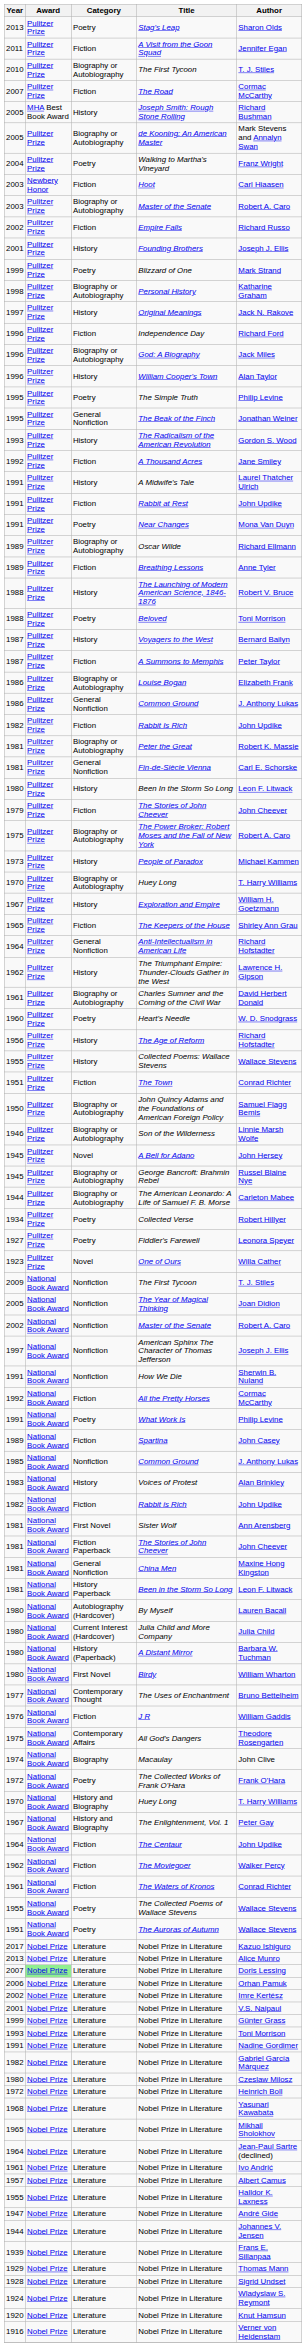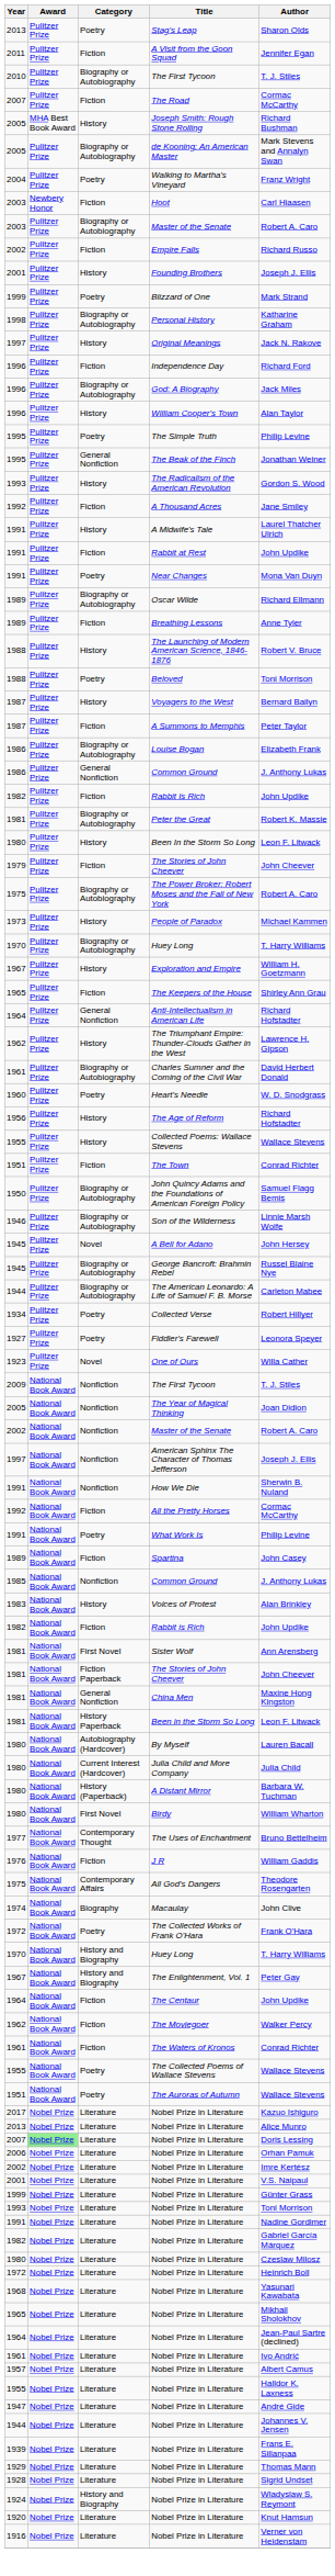 <table class="wikitable sortable">
 <tr>
 <th>Year</th>
 <th>Award</th>
 <th>Category</th>
 <th>Title</th>
 <th>Author</th>
 </tr>
 <tr>
 <td>2013</td>
 <td><a href='#'>Pulitzer Prize</a></td>
 <td>Poetry</td>
 <td><em><a href='#'>Stag's Leap</a></em></td>
 <td><a href='#'>Sharon Olds</a></td>
 </tr>
 <tr>
 <td>2011</td>
 <td><a href='#'>Pulitzer Prize</a></td>
 <td>Fiction</td>
 <td><em><a href='#'>A Visit from the Goon Squad</a></em></td>
 <td><a href='#'>Jennifer Egan</a></td>
 </tr>
 <tr>
 <td>2010</td>
 <td><a href='#'>Pulitzer Prize</a></td>
 <td>Biography or Autobiography</td>
 <td><em>The First Tycoon</em></td>
 <td><a href='#'>T. J. Stiles</a></td>
 </tr>
 <tr>
 <td>2007</td>
 <td><a href='#'>Pulitzer Prize</a></td>
 <td>Fiction</td>
 <td><em><a href='#'>The Road</a></em></td>
 <td><a href='#'>Cormac McCarthy</a></td>
 </tr>
 <tr>
 <td>2005</td>
 <td><a href='#'>MHA</a> Best Book Award</td>
 <td>History</td>
 <td><em><a href='#'>Joseph Smith: Rough Stone Rolling</a></em></td>
 <td><a href='#'>Richard Bushman</a></td>
 </tr>
 <tr>
 <td>2005</td>
 <td><a href='#'>Pulitzer Prize</a></td>
 <td>Biography or Autobiography</td>
 <td><em><a href='#'>de Kooning: An American Master</a></em></td>
 <td>Mark Stevens and <a href='#'>Annalyn Swan</a></td>
 </tr>
 <tr>
 <td>2004</td>
 <td><a href='#'>Pulitzer Prize</a></td>
 <td>Poetry</td>
 <td><em>Walking to Martha's Vineyard</em></td>
 <td><a href='#'>Franz Wright</a></td>
 </tr>
 <tr>
 <td>2003</td>
 <td><a href='#'>Newbery Honor</a></td>
 <td>Fiction</td>
 <td><em><a href='#'>Hoot</a></em></td>
 <td><a href='#'>Carl Hiaasen</a></td>
 </tr>
 <tr>
 <td>2003</td>
 <td><a href='#'>Pulitzer Prize</a></td>
 <td>Biography or Autobiography</td>
 <td><em><a href='#'>Master of the Senate</a></em></td>
 <td><a href='#'>Robert A. Caro</a></td>
 </tr>
 <tr>
 <td>2002</td>
 <td><a href='#'>Pulitzer Prize</a></td>
 <td>Fiction</td>
 <td><em><a href='#'>Empire Falls</a></em></td>
 <td><a href='#'>Richard Russo</a></td>
 </tr>
 <tr>
 <td>2001</td>
 <td><a href='#'>Pulitzer Prize</a></td>
 <td>History</td>
 <td><em><a href='#'>Founding Brothers</a></em></td>
 <td><a href='#'>Joseph J. Ellis</a></td>
 </tr>
 <tr>
 <td>1999</td>
 <td><a href='#'>Pulitzer Prize</a></td>
 <td>Poetry</td>
 <td><em>Blizzard of One</em></td>
 <td><a href='#'>Mark Strand</a></td>
 </tr>
 <tr>
 <td>1998</td>
 <td><a href='#'>Pulitzer Prize</a></td>
 <td>Biography or Autobiography</td>
 <td><em><a href='#'>Personal History</a></em></td>
 <td><a href='#'>Katharine Graham</a></td>
 </tr>
 <tr>
 <td>1997</td>
 <td><a href='#'>Pulitzer Prize</a></td>
 <td>History</td>
 <td><em><a href='#'>Original Meanings</a></em></td>
 <td><a href='#'>Jack N. Rakove</a></td>
 </tr>
 <tr>
 <td>1996</td>
 <td><a href='#'>Pulitzer Prize</a></td>
 <td>Fiction</td>
 <td><em>Independence Day</em></td>
 <td><a href='#'>Richard Ford</a></td>
 </tr>
 <tr>
 <td>1996</td>
 <td><a href='#'>Pulitzer Prize</a></td>
 <td>Biography or Autobiography</td>
 <td><em><a href='#'>God: A Biography</a></em></td>
 <td><a href='#'>Jack Miles</a></td>
 </tr>
 <tr>
 <td>1996</td>
 <td><a href='#'>Pulitzer Prize</a></td>
 <td>History</td>
 <td><em><a href='#'>William Cooper's Town</a></em></td>
 <td><a href='#'>Alan Taylor</a></td>
 </tr>
 <tr>
 <td>1995</td>
 <td><a href='#'>Pulitzer Prize</a></td>
 <td>Poetry</td>
 <td><em>The Simple Truth</em></td>
 <td><a href='#'>Philip Levine</a></td>
 </tr>
 <tr>
 <td>1995</td>
 <td><a href='#'>Pulitzer Prize</a></td>
 <td>General Nonfiction</td>
 <td><em><a href='#'>The Beak of the Finch</a></em></td>
 <td><a href='#'>Jonathan Weiner</a></td>
 </tr>
 <tr>
 <td>1993</td>
 <td><a href='#'>Pulitzer Prize</a></td>
 <td>History</td>
 <td><em><a href='#'>The Radicalism of the American Revolution</a></em></td>
 <td><a href='#'>Gordon S. Wood</a></td>
 </tr>
 <tr>
 <td>1992</td>
 <td><a href='#'>Pulitzer Prize</a></td>
 <td>Fiction</td>
 <td><em><a href='#'>A Thousand Acres</a></em></td>
 <td><a href='#'>Jane Smiley</a></td>
 </tr>
 <tr>
 <td>1991</td>
 <td><a href='#'>Pulitzer Prize</a></td>
 <td>History</td>
 <td><em>A Midwife's Tale</em></td>
 <td><a href='#'>Laurel Thatcher Ulrich</a></td>
 </tr>
 <tr>
 <td>1991</td>
 <td><a href='#'>Pulitzer Prize</a></td>
 <td>Fiction</td>
 <td><em><a href='#'>Rabbit at Rest</a></em></td>
 <td><a href='#'>John Updike</a></td>
 </tr>
 <tr>
 <td>1991</td>
 <td><a href='#'>Pulitzer Prize</a></td>
 <td>Poetry</td>
 <td><em><a href='#'>Near Changes</a> </em></td>
 <td><a href='#'>Mona Van Duyn</a></td>
 </tr>
 <tr>
 <td>1989</td>
 <td><a href='#'>Pulitzer Prize</a></td>
 <td>Biography or Autobiography</td>
 <td><em>Oscar Wilde</em></td>
 <td><a href='#'>Richard Ellmann</a></td>
 </tr>
 <tr>
 <td>1989</td>
 <td><a href='#'>Pulitzer Prize</a></td>
 <td>Fiction</td>
 <td><em><a href='#'>Breathing Lessons</a> </em></td>
 <td><a href='#'>Anne Tyler</a></td>
 </tr>
 <tr>
 <td>1988</td>
 <td><a href='#'>Pulitzer Prize</a></td>
 <td>History</td>
 <td><em><a href='#'>The Launching of Modern American Science, 1846-1876</a></em></td>
 <td><a href='#'>Robert V. Bruce</a></td>
 </tr>
 <tr>
 <td>1988</td>
 <td><a href='#'>Pulitzer Prize</a></td>
 <td>Poetry</td>
 <td><em><a href='#'>Beloved</a></em></td>
 <td><a href='#'>Toni Morrison</a></td>
 </tr>
 <tr>
 <td>1987</td>
 <td><a href='#'>Pulitzer Prize</a></td>
 <td>History</td>
 <td><em><a href='#'>Voyagers to the West</a></em></td>
 <td><a href='#'>Bernard Bailyn</a></td>
 </tr>
 <tr>
 <td>1987</td>
 <td><a href='#'>Pulitzer Prize</a></td>
 <td>Fiction</td>
 <td><em><a href='#'>A Summons to Memphis</a></em></td>
 <td><a href='#'>Peter Taylor</a></td>
 </tr>
 <tr>
 <td>1986</td>
 <td><a href='#'>Pulitzer Prize</a></td>
 <td>Biography or Autobiography</td>
 <td><em><a href='#'>Louise Bogan</a></em></td>
 <td><a href='#'>Elizabeth Frank</a></td>
 </tr>
 <tr>
 <td>1986</td>
 <td><a href='#'>Pulitzer Prize</a></td>
 <td>General Nonfiction</td>
 <td><em><a href='#'>Common Ground</a></em></td>
 <td><a href='#'>J. Anthony Lukas</a></td>
 </tr>
 <tr>
 <td>1982</td>
 <td><a href='#'>Pulitzer Prize</a></td>
 <td>Fiction</td>
 <td><em><a href='#'>Rabbit Is Rich</a></em></td>
 <td><a href='#'>John Updike</a></td>
 </tr>
 <tr>
 <td>1981</td>
 <td><a href='#'>Pulitzer Prize</a></td>
 <td>Biography or Autobiography</td>
 <td><em><a href='#'>Peter the Great</a></em></td>
 <td><a href='#'>Robert K. Massie</a></td>
-</tr>
-<tr>
-<td>1981</td>
-<td><a href='#'>Pulitzer Prize</a></td>
-<td>General Nonfiction</td>
-<td><em><a href='#'>Fin-de-Siècle Vienna</a></em></td>
-<td><a href='#'>Carl E. Schorske</a></td>
 </tr>
 <tr>
 <td>1980</td>
 <td><a href='#'>Pulitzer Prize</a></td>
 <td>History</td>
 <td><em>Been In the Storm So Long</em></td>
 <td><a href='#'>Leon F. Litwack</a></td>
 </tr>
 <tr>
 <td>1979</td>
 <td><a href='#'>Pulitzer Prize</a></td>
 <td>Fiction</td>
 <td><em><a href='#'>The Stories of John Cheever</a></em></td>
 <td><a href='#'>John Cheever</a></td>
 </tr>
 <tr>
 <td>1975</td>
 <td><a href='#'>Pulitzer Prize</a></td>
 <td>Biography or Autobiography</td>
 <td><em><a href='#'>The Power Broker: Robert Moses and the Fall of New York</a></em></td>
 <td><a href='#'>Robert A. Caro</a></td>
 </tr>
 <tr>
 <td>1973</td>
 <td><a href='#'>Pulitzer Prize</a></td>
 <td>History</td>
 <td><em><a href='#'>People of Paradox</a></em></td>
 <td><a href='#'>Michael Kammen</a></td>
 </tr>
 <tr>
 <td>1970</td>
 <td><a href='#'>Pulitzer Prize</a></td>
 <td>Biography or Autobiography</td>
 <td><em>Huey Long</em></td>
 <td><a href='#'>T. Harry Williams</a></td>
 </tr>
 <tr>
 <td>1967</td>
 <td><a href='#'>Pulitzer Prize</a></td>
 <td>History</td>
 <td><em><a href='#'>Exploration and Empire</a></em></td>
 <td><a href='#'>William H. Goetzmann</a></td>
 </tr>
 <tr>
 <td>1965</td>
 <td><a href='#'>Pulitzer Prize</a></td>
 <td>Fiction</td>
 <td><em><a href='#'>The Keepers of the House</a></em></td>
 <td><a href='#'>Shirley Ann Grau</a></td>
 </tr>
 <tr>
 <td>1964</td>
 <td><a href='#'>Pulitzer Prize</a></td>
 <td>General Nonfiction</td>
 <td><em><a href='#'>Anti-Intellectualism in American Life</a></em></td>
 <td><a href='#'>Richard Hofstadter</a></td>
 </tr>
 <tr>
 <td>1962</td>
 <td><a href='#'>Pulitzer Prize</a></td>
 <td>History</td>
 <td><em>The Triumphant Empire: Thunder-Clouds Gather in the West </em></td>
 <td><a href='#'>Lawrence H. Gipson</a></td>
 </tr>
 <tr>
 <td>1961</td>
 <td><a href='#'>Pulitzer Prize</a></td>
 <td>Biography or Autobiography</td>
 <td><em>Charles Sumner and the Coming of the Civil War </em></td>
 <td><a href='#'>David Herbert Donald</a></td>
 </tr>
 <tr>
 <td>1960</td>
 <td><a href='#'>Pulitzer Prize</a></td>
 <td>Poetry</td>
 <td><em>Heart's Needle</em></td>
 <td><a href='#'>W. D. Snodgrass</a></td>
 </tr>
 <tr>
 <td>1956</td>
 <td><a href='#'>Pulitzer Prize</a></td>
 <td>History</td>
 <td><em><a href='#'>The Age of Reform</a></em></td>
 <td><a href='#'>Richard Hofstadter</a></td>
 </tr>
 <tr>
 <td>1955</td>
 <td><a href='#'>Pulitzer Prize</a></td>
 <td>History</td>
 <td><em>Collected Poems: Wallace Stevens</em></td>
 <td><a href='#'>Wallace Stevens</a></td>
 </tr>
 <tr>
 <td>1951</td>
 <td><a href='#'>Pulitzer Prize</a></td>
 <td>Fiction</td>
 <td><em><a href='#'>The Town</a></em></td>
 <td><a href='#'>Conrad Richter</a></td>
 </tr>
 <tr>
 <td>1950</td>
 <td><a href='#'>Pulitzer Prize</a></td>
 <td>Biography or Autobiography</td>
 <td><em>John Quincy Adams and the Foundations of American Foreign Policy</em></td>
 <td><a href='#'>Samuel Flagg Bemis</a></td>
 </tr>
 <tr>
 <td>1946</td>
 <td><a href='#'>Pulitzer Prize</a></td>
 <td>Biography or Autobiography</td>
 <td><em>Son of the Wilderness</em></td>
 <td><a href='#'>Linnie Marsh Wolfe</a></td>
 </tr>
 <tr>
 <td>1945</td>
 <td><a href='#'>Pulitzer Prize</a></td>
 <td>Novel</td>
 <td><em><a href='#'>A Bell for Adano</a></em></td>
 <td><a href='#'>John Hersey</a></td>
 </tr>
 <tr>
 <td>1945</td>
 <td><a href='#'>Pulitzer Prize</a></td>
 <td>Biography or Autobiography</td>
 <td><em>George Bancroft: Brahmin Rebel</em></td>
 <td><a href='#'>Russel Blaine Nye</a></td>
 </tr>
 <tr>
 <td>1944</td>
 <td><a href='#'>Pulitzer Prize</a></td>
 <td>Biography or Autobiography</td>
 <td><em>The American Leonardo: A Life of Samuel F. B. Morse</em></td>
 <td><a href='#'>Carleton Mabee</a></td>
 </tr>
 <tr>
 <td>1934</td>
 <td><a href='#'>Pulitzer Prize</a></td>
 <td>Poetry</td>
 <td><em>Collected Verse</em></td>
 <td><a href='#'>Robert Hillyer</a></td>
 </tr>
 <tr>
 <td>1927</td>
 <td><a href='#'>Pulitzer Prize</a></td>
 <td>Poetry</td>
 <td><em>Fiddler's Farewell</em></td>
 <td><a href='#'>Leonora Speyer</a></td>
 </tr>
 <tr>
 <td>1923</td>
 <td><a href='#'>Pulitzer Prize</a></td>
 <td>Novel</td>
 <td><em><a href='#'>One of Ours</a></em></td>
 <td><a href='#'>Willa Cather</a></td>
 </tr>
 <tr>
 <td>2009</td>
 <td><a href='#'>National Book Award</a></td>
 <td>Nonfiction</td>
 <td><em>The First Tycoon</em></td>
 <td><a href='#'>T. J. Stiles</a></td>
 </tr>
 <tr>
 <td>2005</td>
 <td><a href='#'>National Book Award</a></td>
 <td>Nonfiction</td>
 <td><em><a href='#'>The Year of Magical Thinking</a></em></td>
 <td><a href='#'>Joan Didion</a></td>
 </tr>
 <tr>
 <td>2002</td>
 <td><a href='#'>National Book Award</a></td>
 <td>Nonfiction</td>
 <td><em><a href='#'>Master of the Senate</a></em></td>
 <td><a href='#'>Robert A. Caro</a></td>
 </tr>
 <tr>
 <td>1997</td>
 <td><a href='#'>National Book Award</a></td>
 <td>Nonfiction</td>
 <td><em>American Sphinx The Character of Thomas Jefferson</em></td>
 <td><a href='#'>Joseph J. Ellis</a></td>
 </tr>
 <tr>
 <td>1991</td>
 <td><a href='#'>National Book Award</a></td>
 <td>Nonfiction</td>
 <td><em>How We Die</em></td>
 <td><a href='#'>Sherwin B. Nuland</a></td>
 </tr>
 <tr>
 <td>1992</td>
 <td><a href='#'>National Book Award</a></td>
 <td>Fiction</td>
 <td><em><a href='#'>All the Pretty Horses</a></em></td>
 <td><a href='#'>Cormac McCarthy</a></td>
 </tr>
 <tr>
 <td>1991</td>
 <td><a href='#'>National Book Award</a></td>
 <td>Poetry</td>
 <td><em><a href='#'>What Work Is</a></em></td>
 <td><a href='#'>Philip Levine</a></td>
 </tr>
 <tr>
 <td>1989</td>
 <td><a href='#'>National Book Award</a></td>
 <td>Fiction</td>
 <td><em><a href='#'>Spartina</a></em></td>
 <td><a href='#'>John Casey</a></td>
 </tr>
 <tr>
 <td>1985</td>
 <td><a href='#'>National Book Award</a></td>
 <td>Nonfiction</td>
 <td><em><a href='#'>Common Ground</a></em></td>
 <td><a href='#'>J. Anthony Lukas</a></td>
 </tr>
 <tr>
 <td>1983</td>
 <td><a href='#'>National Book Award</a></td>
 <td>History</td>
 <td><em>Voices of Protest</em></td>
 <td><a href='#'>Alan Brinkley</a></td>
 </tr>
 <tr>
 <td>1982</td>
 <td><a href='#'>National Book Award</a></td>
 <td>Fiction</td>
 <td><em><a href='#'>Rabbit is Rich</a></em></td>
 <td><a href='#'>John Updike</a></td>
 </tr>
 <tr>
 <td>1981</td>
 <td><a href='#'>National Book Award</a></td>
 <td>First Novel</td>
 <td><em>Sister Wolf</em></td>
 <td><a href='#'>Ann Arensberg</a></td>
 </tr>
 <tr>
 <td>1981</td>
 <td><a href='#'>National Book Award</a></td>
 <td>Fiction Paperback</td>
 <td><em><a href='#'>The Stories of John Cheever</a></em></td>
 <td><a href='#'>John Cheever</a></td>
 </tr>
 <tr>
 <td>1981</td>
 <td><a href='#'>National Book Award</a></td>
 <td>General Nonfiction</td>
 <td><em><a href='#'>China Men</a></em></td>
 <td><a href='#'>Maxine Hong Kingston</a></td>
 </tr>
 <tr>
 <td>1981</td>
 <td><a href='#'>National Book Award</a></td>
 <td>History Paperback</td>
 <td><em><a href='#'>Been in the Storm So Long</a></em></td>
 <td><a href='#'>Leon F. Litwack</a></td>
 </tr>
 <tr>
 <td>1980</td>
 <td><a href='#'>National Book Award</a></td>
 <td>Autobiography (Hardcover)</td>
 <td><em>By Myself</em></td>
 <td><a href='#'>Lauren Bacall</a></td>
 </tr>
 <tr>
 <td>1980</td>
 <td><a href='#'>National Book Award</a></td>
 <td>Current Interest (Hardcover)</td>
 <td><em>Julia Child and More Company</em></td>
 <td><a href='#'>Julia Child</a></td>
 </tr>
 <tr>
 <td>1980</td>
 <td><a href='#'>National Book Award</a></td>
 <td>History (Paperback)</td>
 <td><em><a href='#'>A Distant Mirror</a></em></td>
 <td><a href='#'>Barbara W. Tuchman</a></td>
 </tr>
 <tr>
 <td>1980</td>
 <td><a href='#'>National Book Award</a></td>
 <td>First Novel</td>
 <td><em><a href='#'>Birdy</a></em></td>
 <td><a href='#'>William Wharton</a></td>
 </tr>
 <tr>
 <td>1977</td>
 <td><a href='#'>National Book Award</a></td>
 <td>Contemporary Thought</td>
 <td><em>The Uses of Enchantment</em></td>
 <td><a href='#'>Bruno Bettelheim</a></td>
 </tr>
 <tr>
 <td>1976</td>
 <td><a href='#'>National Book Award</a></td>
 <td>Fiction</td>
 <td><em><a href='#'>J R</a></em></td>
 <td><a href='#'>William Gaddis</a></td>
 </tr>
 <tr>
 <td>1975</td>
 <td><a href='#'>National Book Award</a></td>
 <td>Contemporary Affairs</td>
 <td><em>All God's Dangers</em></td>
 <td><a href='#'>Theodore Rosengarten</a></td>
 </tr>
 <tr>
 <td>1974</td>
 <td><a href='#'>National Book Award</a></td>
 <td>Biography</td>
 <td><em>Macaulay</em></td>
 <td>John Clive</td>
 </tr>
 <tr>
 <td>1972</td>
 <td><a href='#'>National Book Award</a></td>
 <td>Poetry</td>
 <td><em>The Collected Works of Frank O'Hara</em></td>
 <td><a href='#'>Frank O'Hara</a></td>
 </tr>
 <tr>
 <td>1970</td>
 <td><a href='#'>National Book Award</a></td>
 <td>History and Biography</td>
 <td><em>Huey Long</em></td>
 <td><a href='#'>T. Harry Williams</a></td>
 </tr>
 <tr>
 <td>1967</td>
 <td><a href='#'>National Book Award</a></td>
 <td>History and Biography</td>
 <td><em>The Enlightenment, Vol. 1</em></td>
 <td><a href='#'>Peter Gay</a></td>
 </tr>
 <tr>
 <td>1964</td>
 <td><a href='#'>National Book Award</a></td>
 <td>Fiction</td>
 <td><em><a href='#'>The Centaur</a></em></td>
 <td><a href='#'>John Updike</a></td>
 </tr>
 <tr>
 <td>1962</td>
 <td><a href='#'>National Book Award</a></td>
 <td>Fiction</td>
 <td><em><a href='#'>The Moviegoer</a></em></td>
 <td><a href='#'>Walker Percy</a></td>
 </tr>
 <tr>
 <td>1961</td>
 <td><a href='#'>National Book Award</a></td>
 <td>Fiction</td>
 <td><em><a href='#'>The Waters of Kronos</a></em></td>
 <td><a href='#'>Conrad Richter</a></td>
 </tr>
 <tr>
 <td>1955</td>
 <td><a href='#'>National Book Award</a></td>
 <td>Poetry</td>
 <td><em>The Collected Poems of Wallace Stevens</em></td>
 <td><a href='#'>Wallace Stevens</a></td>
 </tr>
 <tr>
 <td>1951</td>
 <td><a href='#'>National Book Award</a></td>
 <td>Poetry</td>
 <td><em><a href='#'>The Auroras of Autumn</a></em></td>
 <td><a href='#'>Wallace Stevens</a></td>
 </tr>
 <tr>
 <td>2017</td>
 <td><a href='#'>Nobel Prize</a></td>
 <td>Literature</td>
 <td>Nobel Prize in Literature</td>
 <td><a href='#'>Kazuo Ishiguro</a></td>
 </tr>
 <tr>
 <td>2013</td>
 <td><a href='#'>Nobel Prize</a></td>
 <td>Literature</td>
 <td>Nobel Prize in Literature</td>
 <td><a href='#'>Alice Munro</a></td>
 </tr>
 <tr>
 <td>2007</td>
 <td style="background: lightgreen;"><a href='#'>Nobel Prize</a></td>
 <td>Literature</td>
 <td>Nobel Prize in Literature</td>
 <td><a href='#'>Doris Lessing</a></td>
 </tr>
 <tr>
 <td>2006</td>
 <td><a href='#'>Nobel Prize</a></td>
 <td>Literature</td>
 <td>Nobel Prize in Literature</td>
 <td><a href='#'>Orhan Pamuk</a></td>
 </tr>
 <tr>
 <td>2002</td>
 <td><a href='#'>Nobel Prize</a></td>
 <td>Literature</td>
 <td>Nobel Prize in Literature</td>
 <td><a href='#'>Imre Kertész</a></td>
 </tr>
 <tr>
 <td>2001</td>
 <td><a href='#'>Nobel Prize</a></td>
 <td>Literature</td>
 <td>Nobel Prize in Literature</td>
 <td><a href='#'>V.S. Naipaul</a></td>
 </tr>
 <tr>
 <td>1999</td>
 <td><a href='#'>Nobel Prize</a></td>
 <td>Literature</td>
 <td>Nobel Prize in Literature</td>
 <td><a href='#'>Günter Grass</a></td>
 </tr>
 <tr>
 <td>1993</td>
 <td><a href='#'>Nobel Prize</a></td>
 <td>Literature</td>
 <td>Nobel Prize in Literature</td>
 <td><a href='#'>Toni Morrison</a></td>
 </tr>
 <tr>
 <td>1991</td>
 <td><a href='#'>Nobel Prize</a></td>
 <td>Literature</td>
 <td>Nobel Prize in Literature</td>
 <td><a href='#'>Nadine Gordimer</a></td>
 </tr>
 <tr>
 <td>1982</td>
 <td><a href='#'>Nobel Prize</a></td>
 <td>Literature</td>
 <td>Nobel Prize in Literature</td>
 <td><a href='#'>Gabriel García Márquez</a></td>
 </tr>
 <tr>
 <td>1980</td>
 <td><a href='#'>Nobel Prize</a></td>
 <td>Literature</td>
 <td>Nobel Prize in Literature</td>
 <td><a href='#'>Czeslaw Milosz</a></td>
 </tr>
 <tr>
 <td>1972</td>
 <td><a href='#'>Nobel Prize</a></td>
 <td>Literature</td>
 <td>Nobel Prize in Literature</td>
 <td><a href='#'>Heinrich Boll</a></td>
 </tr>
 <tr>
 <td>1968</td>
 <td><a href='#'>Nobel Prize</a></td>
 <td>Literature</td>
 <td>Nobel Prize in Literature</td>
 <td><a href='#'>Yasunari Kawabata</a></td>
 </tr>
 <tr>
 <td>1965</td>
 <td><a href='#'>Nobel Prize</a></td>
 <td>Literature</td>
 <td>Nobel Prize in Literature</td>
 <td><a href='#'>Mikhail Sholokhov</a></td>
 </tr>
 <tr>
 <td>1964</td>
 <td><a href='#'>Nobel Prize</a></td>
 <td>Literature</td>
 <td>Nobel Prize in Literature</td>
 <td><a href='#'>Jean-Paul Sartre</a> (declined)</td>
 </tr>
 <tr>
 <td>1961</td>
 <td><a href='#'>Nobel Prize</a></td>
 <td>Literature</td>
 <td>Nobel Prize in Literature</td>
 <td><a href='#'>Ivo Andrić</a></td>
 </tr>
 <tr>
 <td>1957</td>
 <td><a href='#'>Nobel Prize</a></td>
 <td>Literature</td>
 <td>Nobel Prize in Literature</td>
 <td><a href='#'>Albert Camus</a></td>
 </tr>
 <tr>
 <td>1955</td>
 <td><a href='#'>Nobel Prize</a></td>
 <td>Literature</td>
 <td>Nobel Prize in Literature</td>
 <td><a href='#'>Halldor K. Laxness</a></td>
 </tr>
 <tr>
 <td>1947</td>
 <td><a href='#'>Nobel Prize</a></td>
 <td>Literature</td>
 <td>Nobel Prize in Literature</td>
 <td><a href='#'>André Gide</a></td>
 </tr>
 <tr>
 <td>1944</td>
 <td><a href='#'>Nobel Prize</a></td>
 <td>Literature</td>
 <td>Nobel Prize in Literature</td>
 <td><a href='#'>Johannes V. Jensen</a></td>
 </tr>
 <tr>
 <td>1939</td>
 <td><a href='#'>Nobel Prize</a></td>
 <td>Literature</td>
 <td>Nobel Prize in Literature</td>
 <td><a href='#'>Frans E. Sillanpaa</a></td>
 </tr>
 <tr>
 <td>1929</td>
 <td><a href='#'>Nobel Prize</a></td>
 <td>Literature</td>
 <td>Nobel Prize in Literature</td>
 <td><a href='#'>Thomas Mann</a></td>
 </tr>
 <tr>
 <td>1928</td>
 <td><a href='#'>Nobel Prize</a></td>
 <td>Literature</td>
 <td>Nobel Prize in Literature</td>
 <td><a href='#'>Sigrid Undset</a></td>
 </tr>
 <tr>
 <td>1924</td>
 <td><a href='#'>Nobel Prize</a></td>
-<td>Literature</td>
+<td>History and Biography</td>
 <td>Nobel Prize in Literature</td>
 <td><a href='#'>Wladyslaw S. Reymont</a></td>
 </tr>
 <tr>
 <td>1920</td>
 <td><a href='#'>Nobel Prize</a></td>
 <td>Literature</td>
 <td>Nobel Prize in Literature</td>
 <td><a href='#'>Knut Hamsun</a></td>
 </tr>
 <tr>
 <td>1916</td>
 <td><a href='#'>Nobel Prize</a></td>
 <td>Literature</td>
 <td>Nobel Prize in Literature</td>
 <td><a href='#'>Verner von Heidenstam</a></td>
 </tr>
 <tr>
 </tr>
 </table>
